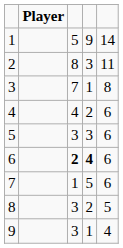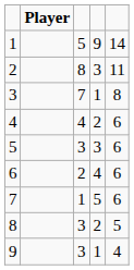 <table class="wikitable" style="text-align: center">
 <tr>
 <td> </td>
 <td><strong>Player</strong></td>
 <td></td>
 <td></td>
 <td></td>
 </tr>
 <tr>
 <td>1</td>
 <td align=left></td>
 <td>5</td>
 <td>9</td>
 <td>14</td>
 </tr>
 <tr>
 <td>2</td>
 <td align=left></td>
 <td>8</td>
 <td>3</td>
 <td>11</td>
 </tr>
 <tr>
 <td>3</td>
 <td align=left></td>
 <td>7</td>
 <td>1</td>
 <td>8</td>
 </tr>
 <tr>
 <td>4</td>
 <td align=left></td>
 <td>4</td>
 <td>2</td>
 <td>6</td>
 </tr>
 <tr>
 <td>5</td>
 <td align=left></td>
 <td>3</td>
 <td>3</td>
 <td>6</td>
 </tr>
 <tr>
 <td>6</td>
 <td align=left></td>
-<td><strong>2</strong></td>
-<td><strong>4</strong></td>
+<td>2</td>
+<td>4</td>
 <td>6</td>
 </tr>
 <tr>
 <td>7</td>
 <td align=left></td>
 <td>1</td>
 <td>5</td>
 <td>6</td>
 </tr>
 <tr>
 <td>8</td>
 <td align=left></td>
 <td>3</td>
 <td>2</td>
 <td>5</td>
 </tr>
 <tr>
 <td>9</td>
 <td align=left><br></td>
 <td>3</td>
 <td>1</td>
 <td>4</td>
 </tr>
 </table>
